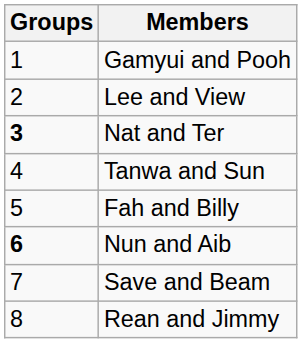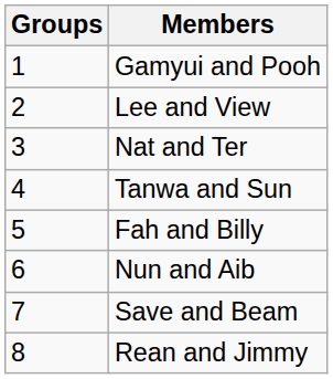 <table class="wikitable">
 <tr>
 <th>Groups</th>
 <th>Members</th>
 </tr>
 <tr>
 <td>1</td>
 <td>Gamyui and Pooh</td>
 </tr>
 <tr>
 <td>2</td>
 <td>Lee and View</td>
 </tr>
 <tr>
-<td><strong>3</strong></td>
+<td>3</td>
 <td>Nat and Ter</td>
 </tr>
 <tr>
 <td>4</td>
 <td>Tanwa and Sun</td>
 </tr>
 <tr>
 <td>5</td>
 <td>Fah and Billy</td>
 </tr>
 <tr>
-<td><strong>6</strong></td>
+<td>6</td>
 <td>Nun and Aib</td>
 </tr>
 <tr>
 <td>7</td>
 <td>Save and Beam</td>
 </tr>
 <tr>
 <td>8</td>
 <td>Rean and Jimmy</td>
 </tr>
 </table>
